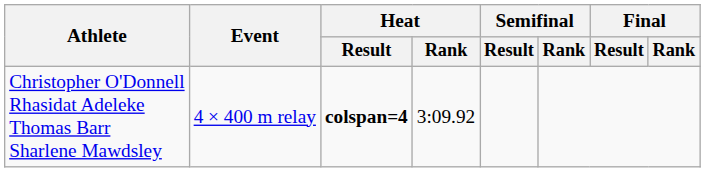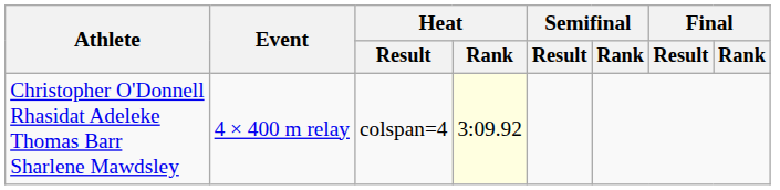 <table class="wikitable" style="font-size:90%">
 <tr>
 <th rowspan="2">Athlete</th>
 <th rowspan="2">Event</th>
 <th colspan="2">Heat</th>
 <th colspan="2">Semifinal</th>
 <th colspan="2">Final</th>
 </tr>
 <tr style="font-size:95%">
 <th>Result</th>
 <th>Rank</th>
 <th>Result</th>
 <th>Rank</th>
 <th>Result</th>
 <th>Rank</th>
 </tr>
 <tr align=center>
 <td align=left><a href='#'>Christopher O'Donnell</a> <br> <a href='#'>Rhasidat Adeleke</a><br> <a href='#'>Thomas Barr</a><br> <a href='#'>Sharlene Mawdsley</a></td>
 <td align=left><a href='#'>4 × 400 m relay</a></td>
-<td><strong>colspan=4 </strong></td>
-<td>3:09.92 <strong></strong></td>
+<td>colspan=4 </td>
+<td style="background: lightyellow;">3:09.92 <strong></strong></td>
 <td></td>
 </tr>
 </table>
